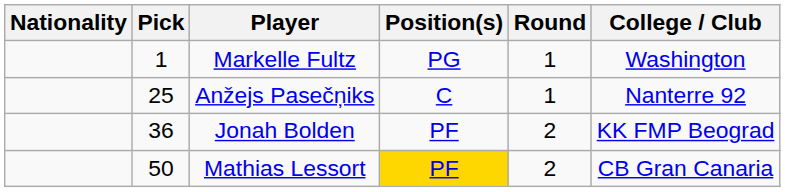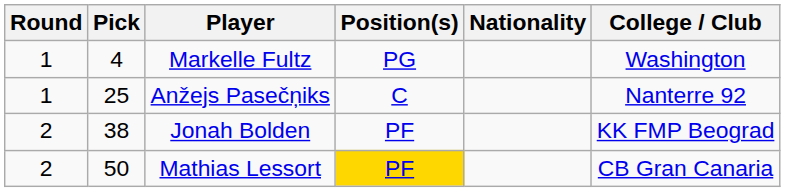 <table class="wikitable sortable sortable">
 <tr>
-<th>Nationality</th>
+<th>Round</th>
 <th>Pick</th>
 <th>Player</th>
 <th>Position(s)</th>
-<th>Round</th>
+<th>Nationality</th>
 <th>College / Club</th>
 </tr>
 <tr style="text-align: center">
-<td></td>
 <td>1</td>
+<td>4</td>
 <td><a href='#'>Markelle Fultz</a></td>
 <td><a href='#'>PG</a></td>
-<td>1</td>
+<td></td>
 <td><a href='#'>Washington</a></td>
 </tr>
 <tr style="text-align: center">
-<td></td>
+<td>1</td>
 <td>25</td>
 <td><a href='#'>Anžejs Pasečņiks</a></td>
 <td><a href='#'>C</a></td>
-<td>1</td>
+<td></td>
 <td> <a href='#'>Nanterre 92</a></td>
 </tr>
 <tr style="text-align: center">
-<td></td>
-<td>36</td>
+<td>2</td>
+<td>38</td>
 <td><a href='#'>Jonah Bolden</a></td>
 <td><a href='#'>PF</a></td>
-<td>2</td>
+<td></td>
 <td> <a href='#'>KK FMP Beograd</a></td>
 </tr>
 <tr style="text-align: center">
-<td></td>
+<td>2</td>
 <td>50</td>
 <td><a href='#'>Mathias Lessort</a></td>
 <td style="background: gold;"><a href='#'>PF</a></td>
-<td>2</td>
+<td></td>
 <td> <a href='#'>CB Gran Canaria</a></td>
 </tr>
 </table>
